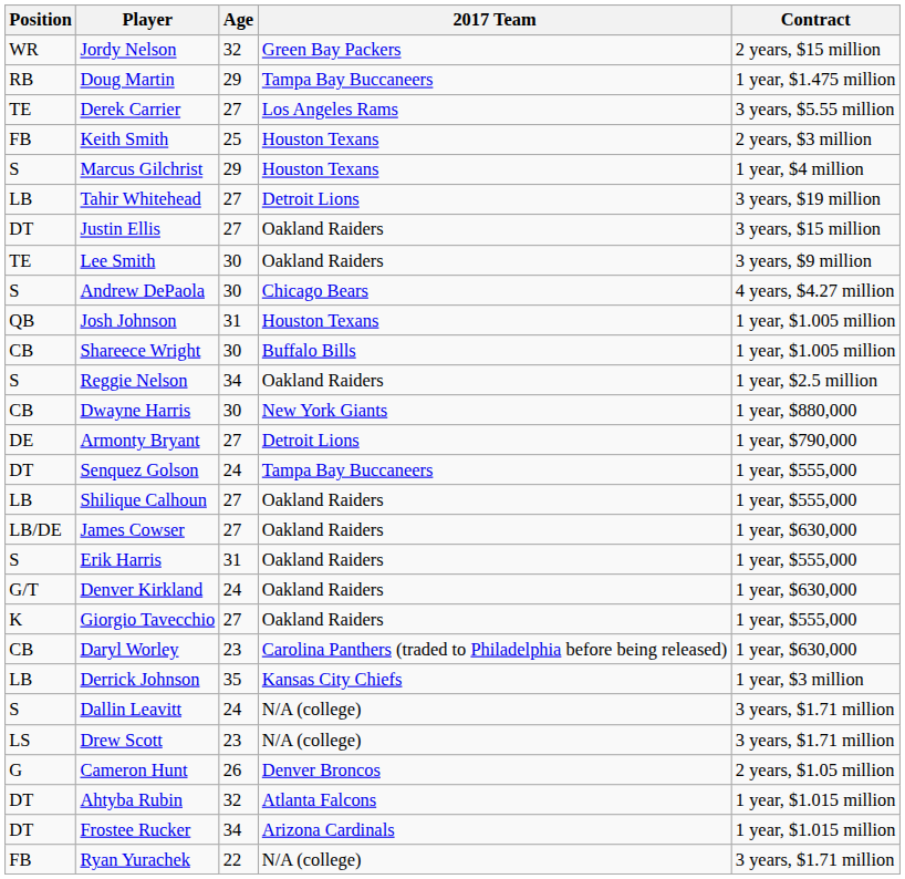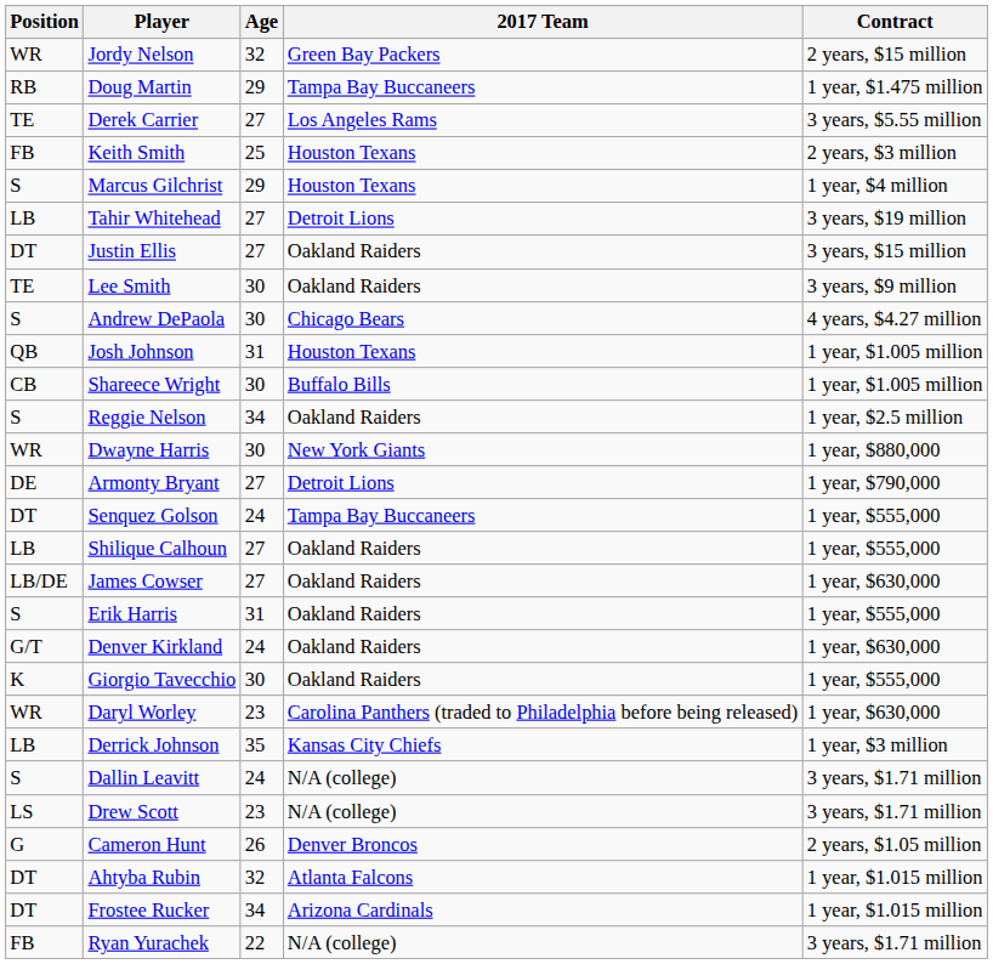 <table class="wikitable" style="font-size: 95%; text-align: left">
 <tr>
 <th>Position</th>
 <th>Player</th>
 <th>Age</th>
 <th>2017 Team</th>
 <th>Contract</th>
 </tr>
 <tr>
 <td>WR</td>
 <td><a href='#'>Jordy Nelson</a></td>
 <td>32</td>
 <td><a href='#'>Green Bay Packers</a></td>
 <td>2 years, $15 million</td>
 </tr>
 <tr>
 <td>RB</td>
 <td><a href='#'>Doug Martin</a></td>
 <td>29</td>
 <td><a href='#'>Tampa Bay Buccaneers</a></td>
 <td>1 year, $1.475 million</td>
 </tr>
 <tr>
 <td>TE</td>
 <td><a href='#'>Derek Carrier</a></td>
 <td>27</td>
 <td><a href='#'>Los Angeles Rams</a></td>
 <td>3 years, $5.55 million</td>
 </tr>
 <tr>
 <td>FB</td>
 <td><a href='#'>Keith Smith</a></td>
 <td>25</td>
 <td><a href='#'>Houston Texans</a></td>
 <td>2 years, $3 million</td>
 </tr>
 <tr>
 <td>S</td>
 <td><a href='#'>Marcus Gilchrist</a></td>
 <td>29</td>
 <td><a href='#'>Houston Texans</a></td>
 <td>1 year, $4 million</td>
 </tr>
 <tr>
 <td>LB</td>
 <td><a href='#'>Tahir Whitehead</a></td>
 <td>27</td>
 <td><a href='#'>Detroit Lions</a></td>
 <td>3 years, $19 million</td>
 </tr>
 <tr>
 <td>DT</td>
 <td><a href='#'>Justin Ellis</a></td>
 <td>27</td>
 <td>Oakland Raiders</td>
 <td>3 years, $15 million</td>
 </tr>
 <tr>
 <td>TE</td>
 <td><a href='#'>Lee Smith</a></td>
 <td>30</td>
 <td>Oakland Raiders</td>
 <td>3 years, $9 million</td>
 </tr>
 <tr>
 <td>S</td>
 <td><a href='#'>Andrew DePaola</a></td>
 <td>30</td>
 <td><a href='#'>Chicago Bears</a></td>
 <td>4 years, $4.27 million</td>
 </tr>
 <tr>
 <td>QB</td>
 <td><a href='#'>Josh Johnson</a></td>
 <td>31</td>
 <td><a href='#'>Houston Texans</a></td>
 <td>1 year, $1.005 million</td>
 </tr>
 <tr>
 <td>CB</td>
 <td><a href='#'>Shareece Wright</a></td>
 <td>30</td>
 <td><a href='#'>Buffalo Bills</a></td>
 <td>1 year, $1.005 million</td>
 </tr>
 <tr>
 <td>S</td>
 <td><a href='#'>Reggie Nelson</a></td>
 <td>34</td>
 <td>Oakland Raiders</td>
 <td>1 year, $2.5 million</td>
 </tr>
 <tr>
-<td>CB</td>
+<td>WR</td>
 <td><a href='#'>Dwayne Harris</a></td>
 <td>30</td>
 <td><a href='#'>New York Giants</a></td>
 <td>1 year, $880,000</td>
 </tr>
 <tr>
 <td>DE</td>
 <td><a href='#'>Armonty Bryant</a></td>
 <td>27</td>
 <td><a href='#'>Detroit Lions</a></td>
 <td>1 year, $790,000</td>
 </tr>
 <tr>
 <td>DT</td>
 <td><a href='#'>Senquez Golson</a></td>
 <td>24</td>
 <td><a href='#'>Tampa Bay Buccaneers</a></td>
 <td>1 year, $555,000</td>
 </tr>
 <tr>
 <td>LB</td>
 <td><a href='#'>Shilique Calhoun</a></td>
 <td>27</td>
 <td>Oakland Raiders</td>
 <td>1 year, $555,000</td>
 </tr>
 <tr>
 <td>LB/DE</td>
 <td><a href='#'>James Cowser</a></td>
 <td>27</td>
 <td>Oakland Raiders</td>
 <td>1 year, $630,000</td>
 </tr>
 <tr>
 <td>S</td>
 <td><a href='#'>Erik Harris</a></td>
 <td>31</td>
 <td>Oakland Raiders</td>
 <td>1 year, $555,000</td>
 </tr>
 <tr>
 <td>G/T</td>
 <td><a href='#'>Denver Kirkland</a></td>
 <td>24</td>
 <td>Oakland Raiders</td>
 <td>1 year, $630,000</td>
 </tr>
 <tr>
 <td>K</td>
 <td><a href='#'>Giorgio Tavecchio</a></td>
-<td>27</td>
+<td>30</td>
 <td>Oakland Raiders</td>
 <td>1 year, $555,000</td>
 </tr>
 <tr>
-<td>CB</td>
+<td>WR</td>
 <td><a href='#'>Daryl Worley</a></td>
 <td>23</td>
 <td><a href='#'>Carolina Panthers</a> (traded to <a href='#'>Philadelphia</a> before being released)</td>
 <td>1 year, $630,000</td>
 </tr>
 <tr>
 <td>LB</td>
 <td><a href='#'>Derrick Johnson</a></td>
 <td>35</td>
 <td><a href='#'>Kansas City Chiefs</a></td>
 <td>1 year, $3 million</td>
 </tr>
 <tr>
 <td>S</td>
 <td><a href='#'>Dallin Leavitt</a></td>
 <td>24</td>
 <td>N/A (college)</td>
 <td>3 years, $1.71 million</td>
 </tr>
 <tr>
 <td>LS</td>
 <td><a href='#'>Drew Scott</a></td>
 <td>23</td>
 <td>N/A (college)</td>
 <td>3 years, $1.71 million</td>
 </tr>
 <tr>
 <td>G</td>
 <td><a href='#'>Cameron Hunt</a></td>
 <td>26</td>
 <td><a href='#'>Denver Broncos</a></td>
 <td>2 years, $1.05 million</td>
 </tr>
 <tr>
 <td>DT</td>
 <td><a href='#'>Ahtyba Rubin</a></td>
 <td>32</td>
 <td><a href='#'>Atlanta Falcons</a></td>
 <td>1 year, $1.015 million</td>
 </tr>
 <tr>
 <td>DT</td>
 <td><a href='#'>Frostee Rucker</a></td>
 <td>34</td>
 <td><a href='#'>Arizona Cardinals</a></td>
 <td>1 year, $1.015 million</td>
 </tr>
 <tr>
 <td>FB</td>
 <td><a href='#'>Ryan Yurachek</a></td>
 <td>22</td>
 <td>N/A (college)</td>
 <td>3 years, $1.71 million</td>
 </tr>
 <tr>
 </tr>
 </table>
